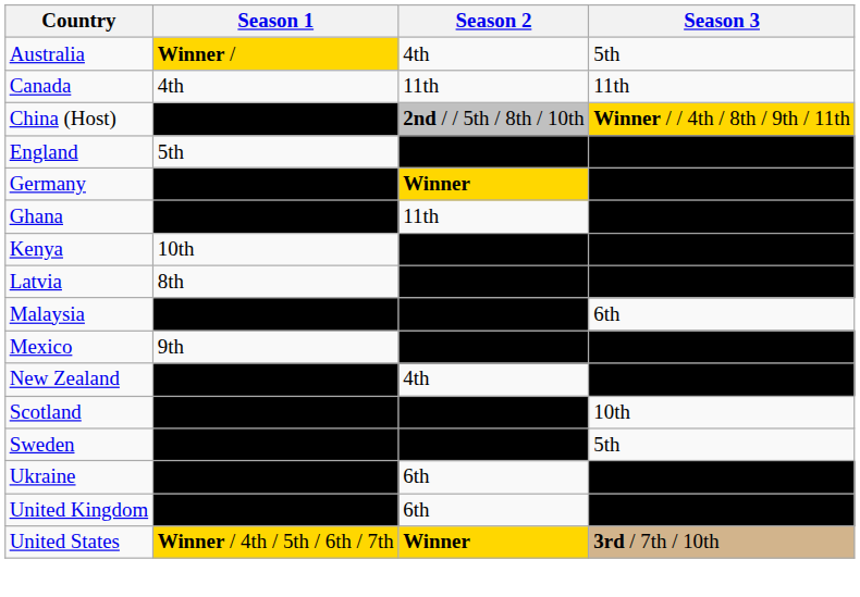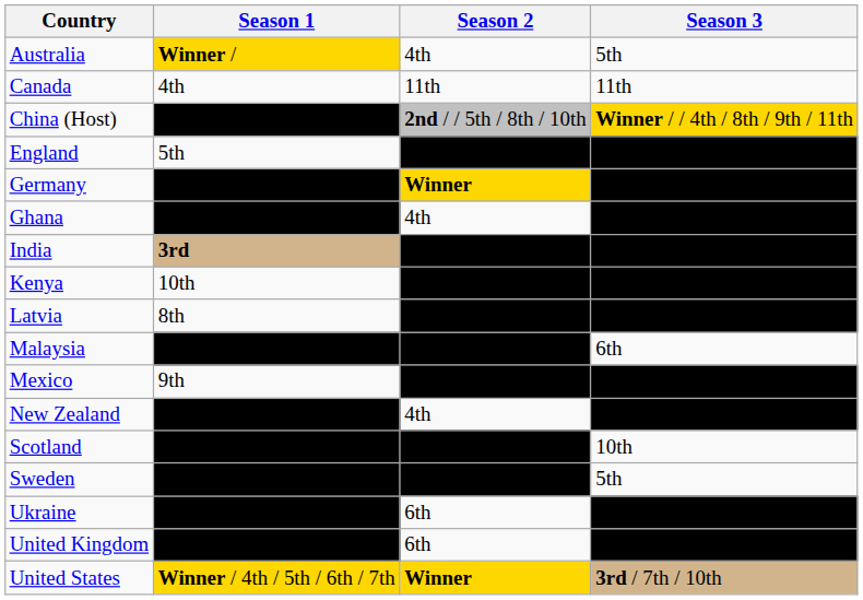 <table class="wikitable sortable" style="margin:auto;"style="align:left;">
 <tr>
 <th>Country</th>
 <th><a href='#'>Season 1</a></th>
 <th><a href='#'>Season 2</a></th>
 <th><a href='#'>Season 3</a></th>
 </tr>
 <tr>
 <td><a href='#'>Australia</a></td>
 <td bgcolor="gold"><strong>Winner</strong>  / <strong></strong> </td>
 <td>4th </td>
 <td>5th </td>
 </tr>
 <tr>
 <td><a href='#'>Canada</a></td>
 <td>4th </td>
 <td>11th </td>
 <td>11th </td>
 </tr>
 <tr>
 <td><a href='#'>China</a> (Host)</td>
 <td bgcolor="black"></td>
 <td bgcolor="silver"><strong>2nd</strong>  /   / 5th / 8th / 10th</td>
 <td bgcolor="gold"><strong>Winner</strong> / <strong></strong>  / 4th / 8th / 9th / 11th </td>
 </tr>
 <tr>
 <td><a href='#'>England</a></td>
 <td>5th </td>
 <td bgcolor="black"></td>
 <td bgcolor="black"></td>
 </tr>
 <tr>
 <td><a href='#'>Germany</a></td>
 <td bgcolor="black"></td>
 <td bgcolor="gold"><strong>Winner</strong> </td>
 <td bgcolor="black"></td>
 </tr>
 <tr>
 <td><a href='#'>Ghana</a></td>
 <td bgcolor="black"></td>
-<td>11th </td>
+<td>4th </td>
+<td bgcolor="black"></td>
+</tr>
+<tr>
+<td><a href='#'>India</a></td>
+<td bgcolor="tan"><strong>3rd</strong></td>
+<td bgcolor="black"></td>
 <td bgcolor="black"></td>
 </tr>
 <tr>
 <td><a href='#'>Kenya</a></td>
 <td>10th</td>
 <td bgcolor="black"></td>
 <td bgcolor="black"></td>
 </tr>
 <tr>
 <td><a href='#'>Latvia</a></td>
 <td>8th</td>
 <td bgcolor="black"></td>
 <td bgcolor="black"></td>
 </tr>
 <tr>
 <td><a href='#'>Malaysia</a></td>
 <td bgcolor="black"></td>
 <td bgcolor="black"></td>
 <td>6th</td>
 </tr>
 <tr>
 <td><a href='#'>Mexico</a></td>
 <td>9th</td>
 <td bgcolor="black"></td>
 <td bgcolor="black"></td>
 </tr>
 <tr>
 <td><a href='#'>New Zealand</a></td>
 <td bgcolor="black"></td>
 <td>4th </td>
 <td bgcolor="black"></td>
 </tr>
 <tr>
 <td><a href='#'>Scotland</a></td>
 <td bgcolor="black"></td>
 <td bgcolor="black"></td>
 <td>10th </td>
 </tr>
 <tr>
 <td><a href='#'>Sweden</a></td>
 <td bgcolor="black"></td>
 <td bgcolor="black"></td>
 <td>5th </td>
 </tr>
 <tr>
 <td><a href='#'>Ukraine</a></td>
 <td bgcolor="black"></td>
 <td>6th </td>
 <td bgcolor="black"></td>
 </tr>
 <tr>
 <td><a href='#'>United Kingdom</a></td>
 <td bgcolor="black"></td>
 <td>6th </td>
 <td bgcolor="black"></td>
 </tr>
 <tr>
 <td><a href='#'>United States</a></td>
 <td bgcolor="gold"><strong>Winner</strong>  / 4th  / 5th  / 6th / 7th</td>
 <td bgcolor="gold"><strong>Winner</strong> </td>
 <td bgcolor="tan"><strong>3rd</strong> / 7th / 10th </td>
 </tr>
 </table>
